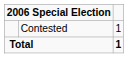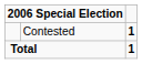 <table class="wikitable">
 <tr>
 <td colspan="2" style="text-align:center;"><strong>2006 Special Election</strong></td>
 </tr>
 <tr>
 <td style="background-color:"> </td>
 <td>Contested</td>
-<td>1</td>
+<td><strong>1</strong></td>
 </tr>
 <tr>
 <td colspan="2"> <strong>Total</strong><br></td>
 <td><strong>1</strong></td>
 </tr>
 </table>
